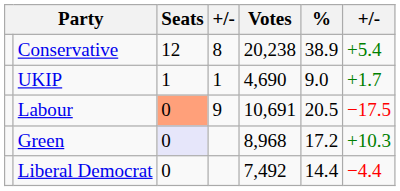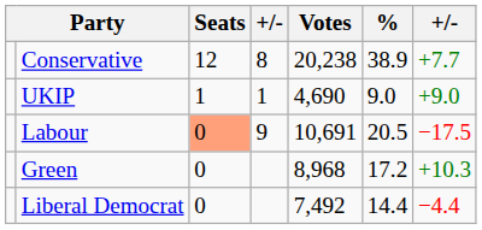 <table class="wikitable sortable">
 <tr>
 <th colspan="2">Party</th>
 <th>Seats</th>
 <th>+/-</th>
 <th>Votes</th>
 <th>%</th>
 <th>+/-</th>
 </tr>
 <tr>
 <td style="background-color: "></td>
 <td><a href='#'>Conservative</a></td>
 <td>12</td>
 <td> 8</td>
 <td>20,238</td>
 <td>38.9</td>
-<td style="color:green">+5.4</td>
+<td style="color:green">+7.7</td>
 </tr>
 <tr>
 <td style="background-color: "></td>
 <td><a href='#'>UKIP</a></td>
 <td>1</td>
 <td> 1</td>
 <td>4,690</td>
 <td>9.0</td>
-<td style="color:green">+1.7</td>
+<td style="color:green">+9.0</td>
 </tr>
 <tr>
 <td style="background-color: "></td>
 <td><a href='#'>Labour</a></td>
 <td style="background: lightsalmon;">0</td>
 <td> 9</td>
 <td>10,691</td>
 <td>20.5</td>
 <td style="color:red">−17.5</td>
 </tr>
 <tr>
 <td style="background-color: "></td>
 <td><a href='#'>Green</a></td>
-<td style="background: lavender;">0</td>
+<td>0</td>
 <td></td>
 <td>8,968</td>
 <td>17.2</td>
 <td style="color:green">+10.3</td>
 </tr>
 <tr>
 <td style="background-color: "></td>
 <td><a href='#'>Liberal Democrat</a></td>
 <td>0</td>
 <td></td>
 <td>7,492</td>
 <td>14.4</td>
 <td style="color:red">−4.4</td>
 </tr>
 </table>
